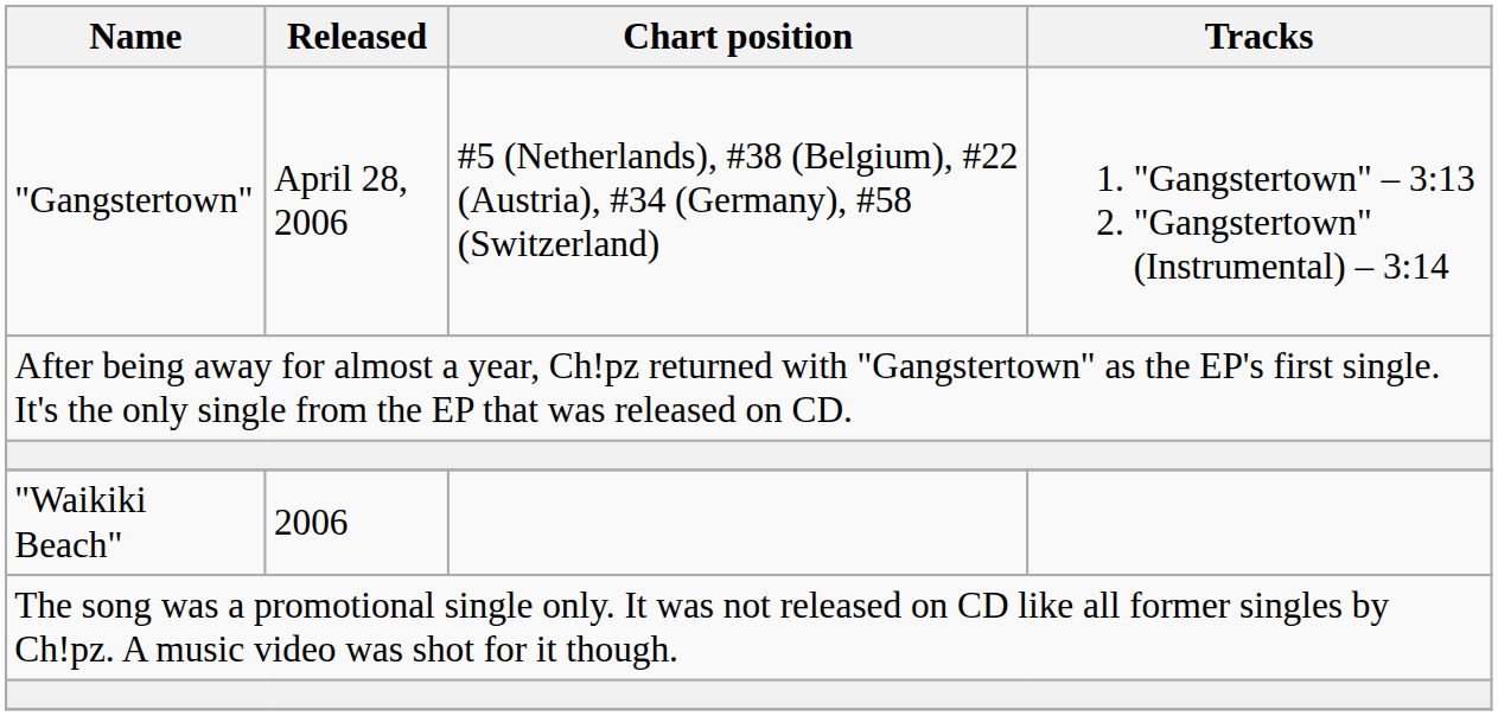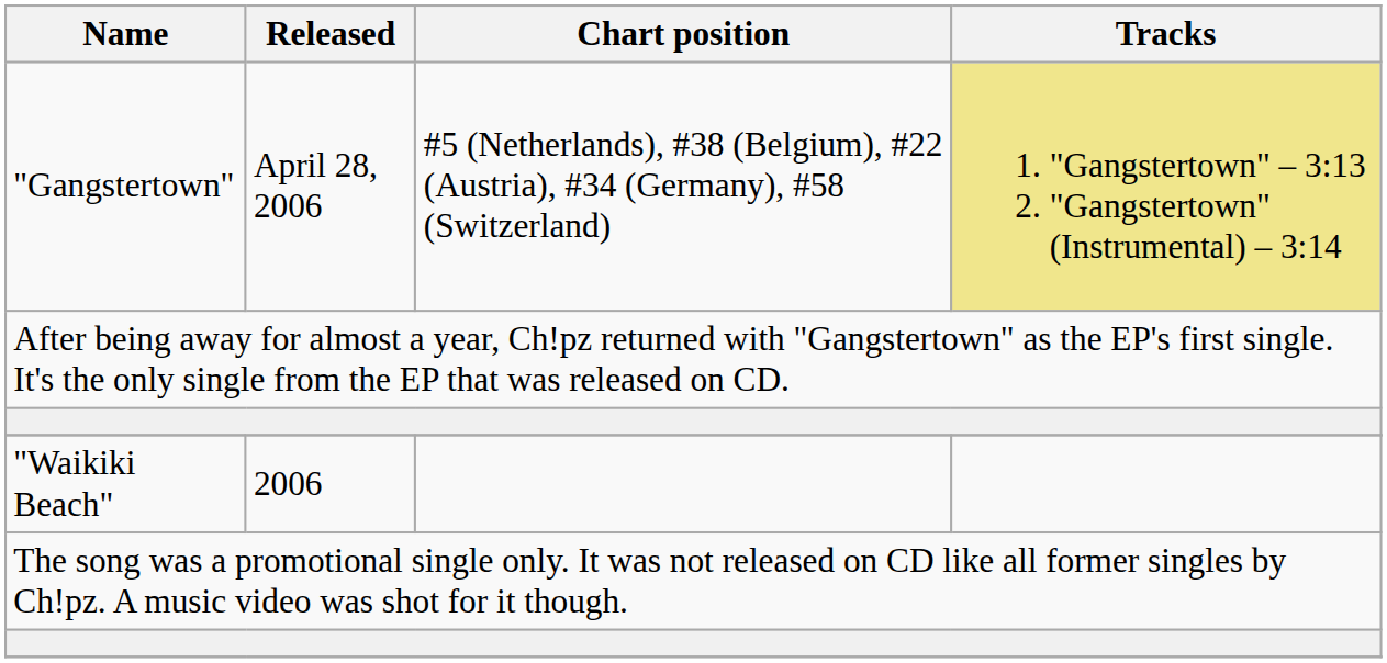 <table class="wikitable" style="font-size:95%">
 <tr>
 <th>Name</th>
 <th>Released</th>
 <th>Chart position</th>
 <th>Tracks</th>
 </tr>
 <tr>
 <td>"Gangstertown"</td>
 <td>April 28, 2006</td>
 <td>#5 (Netherlands), #38 (Belgium), #22 (Austria), #34 (Germany), #58 (Switzerland)</td>
-<td><br><ol><li>"Gangstertown" – 3:13</li><li>"Gangstertown" (Instrumental) – 3:14</li></ol></td>
+<td style="background: khaki;"><br><ol><li>"Gangstertown" – 3:13</li><li>"Gangstertown" (Instrumental) – 3:14</li></ol></td>
 </tr>
 <tr>
 <td colspan=5>After being away for almost a year, Ch!pz returned with "Gangstertown" as the EP's first single. It's the only single from the EP that was released on CD.</td>
 </tr>
 <tr>
 <td colspan=5 style="background:#F0F0F0; height:5px"></td>
 </tr>
 <tr>
 </tr>
 <tr>
 <td>"Waikiki Beach"</td>
 <td>2006</td>
 <td></td>
 <td></td>
 </tr>
 <tr>
 <td colspan=5>The song was a promotional single only. It was not released on CD like all former singles by Ch!pz. A music video was shot for it though.</td>
 </tr>
 <tr>
 <td colspan=5 style="background:#F0F0F0; height:5px"></td>
 </tr>
 <tr>
 </tr>
 </table>
